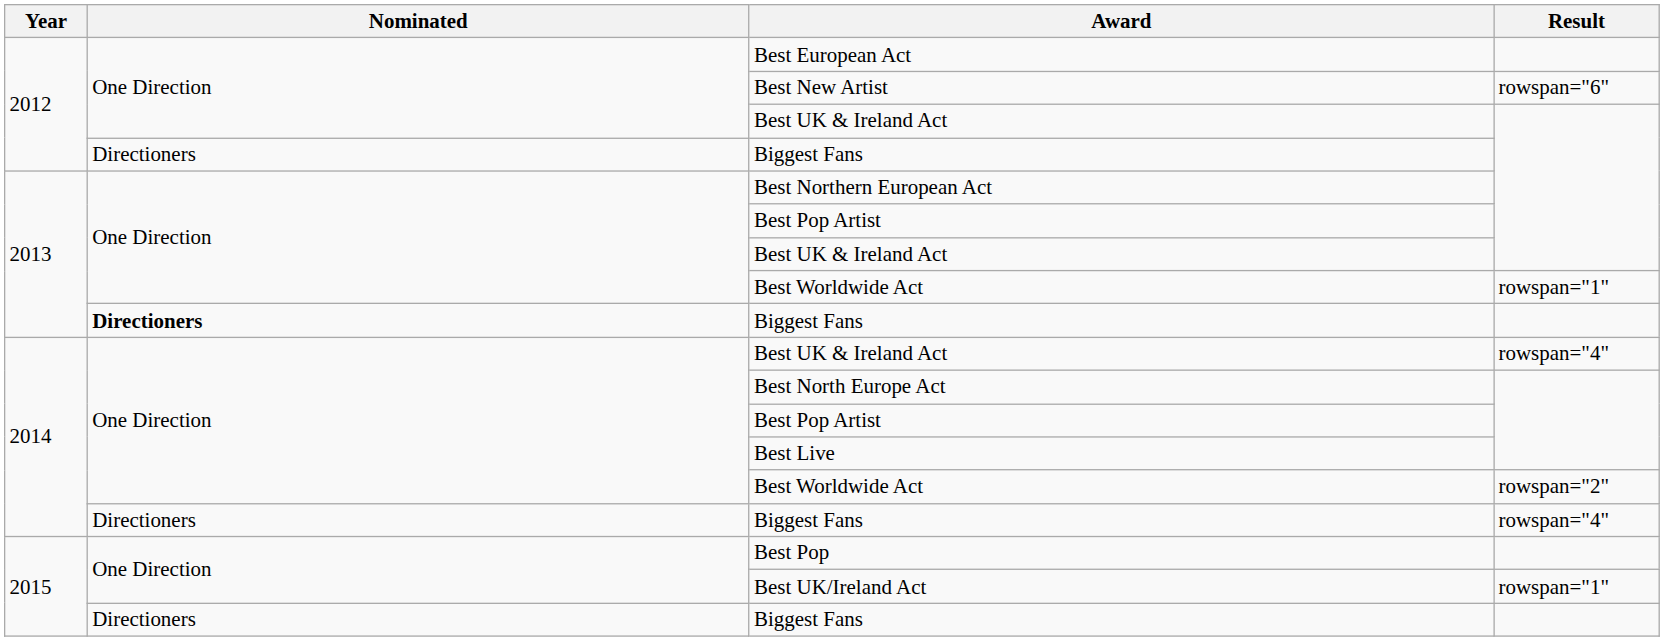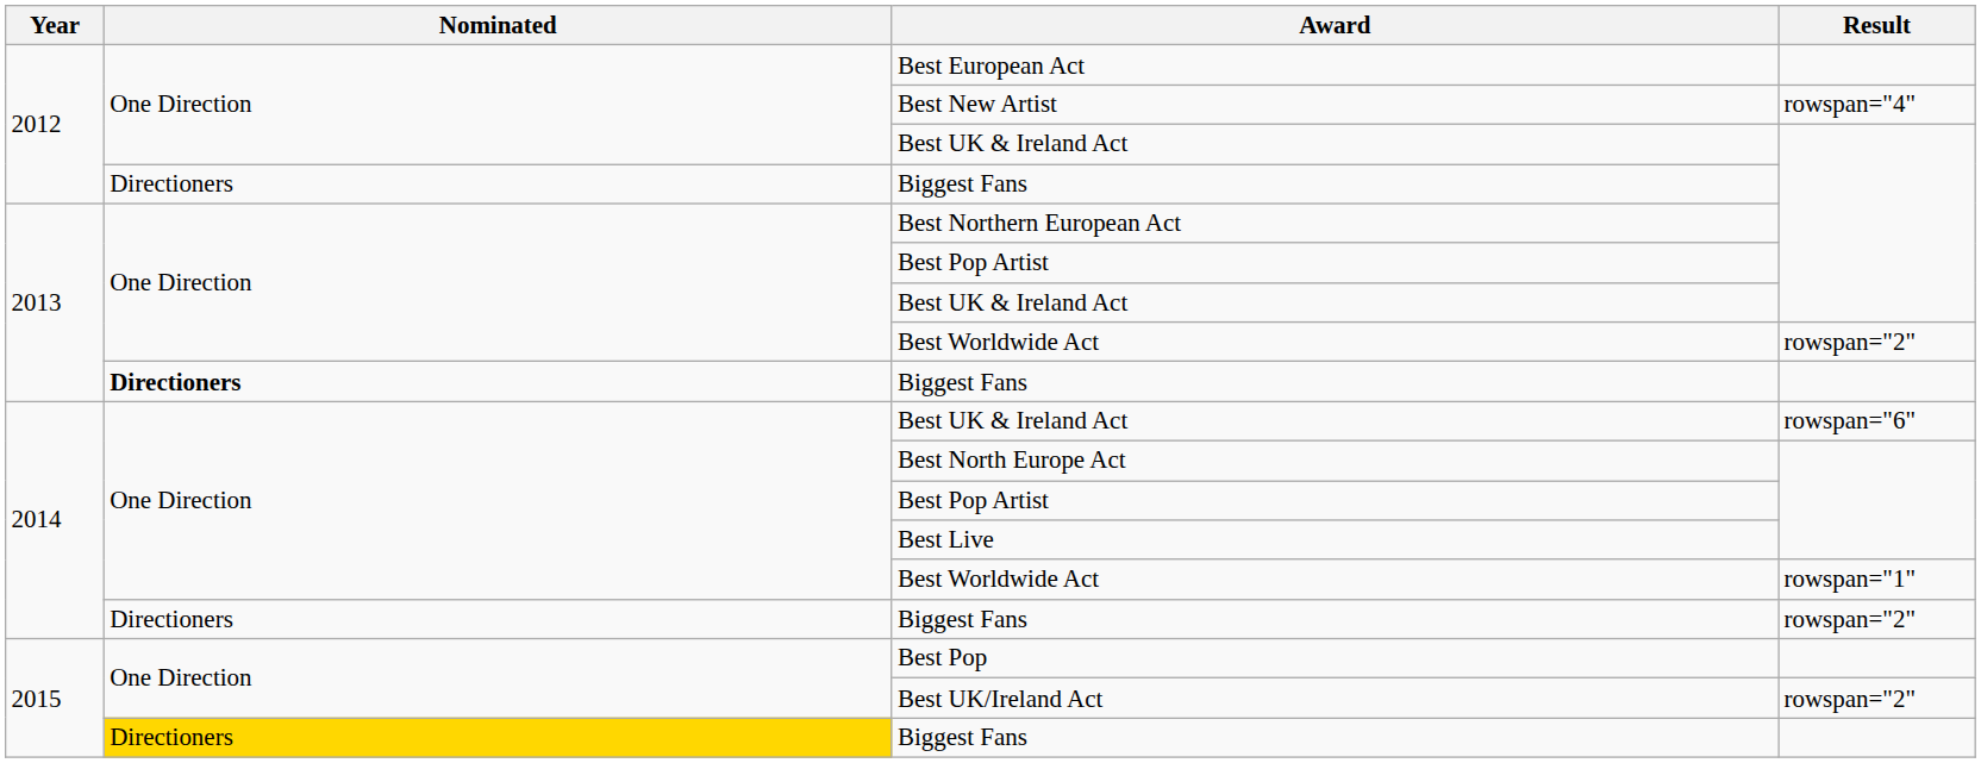 <table class="wikitable" style="width:100%;">
 <tr>
 <th width=5%>Year</th>
 <th style="width:40%;">Nominated</th>
 <th style="width:45%;">Award</th>
 <th style="width:10%;">Result</th>
 </tr>
 <tr>
 <td rowspan="4">2012</td>
 <td rowspan="3">One Direction</td>
 <td>Best European Act</td>
 <td></td>
 </tr>
 <tr>
 <td>Best New Artist</td>
-<td>rowspan="6" </td>
+<td>rowspan="4" </td>
 </tr>
 <tr>
 <td>Best UK & Ireland Act</td>
 </tr>
 <tr>
 <td>Directioners</td>
 <td>Biggest Fans</td>
 </tr>
 <tr>
 <td rowspan="5">2013</td>
 <td rowspan="4">One Direction</td>
 <td>Best Northern European Act</td>
 </tr>
 <tr>
 <td>Best Pop Artist</td>
 </tr>
 <tr>
 <td>Best UK & Ireland Act</td>
 </tr>
 <tr>
 <td>Best Worldwide Act</td>
-<td>rowspan="1" </td>
+<td>rowspan="2" </td>
 </tr>
 <tr>
 <td><strong>Directioners</strong></td>
 <td>Biggest Fans</td>
 </tr>
 <tr>
 <td rowspan="6">2014</td>
 <td rowspan="5">One Direction</td>
 <td>Best UK & Ireland Act</td>
-<td>rowspan="4" </td>
+<td>rowspan="6" </td>
 </tr>
 <tr>
 <td>Best North Europe Act</td>
 </tr>
 <tr>
 <td>Best Pop Artist</td>
 </tr>
 <tr>
 <td>Best Live</td>
 </tr>
 <tr>
 <td>Best Worldwide Act</td>
-<td>rowspan="2"</td>
+<td>rowspan="1" </td>
 </tr>
 <tr>
 <td>Directioners</td>
 <td>Biggest Fans</td>
-<td>rowspan="4" </td>
+<td>rowspan="2" </td>
 </tr>
 <tr>
 <td rowspan="3">2015</td>
 <td rowspan="2">One Direction</td>
 <td>Best Pop</td>
 </tr>
 <tr>
 <td>Best UK/Ireland Act</td>
-<td>rowspan="1" </td>
+<td>rowspan="2"</td>
 </tr>
 <tr>
-<td>Directioners</td>
+<td style="background: gold;">Directioners</td>
 <td>Biggest Fans</td>
 </tr>
 </table>
